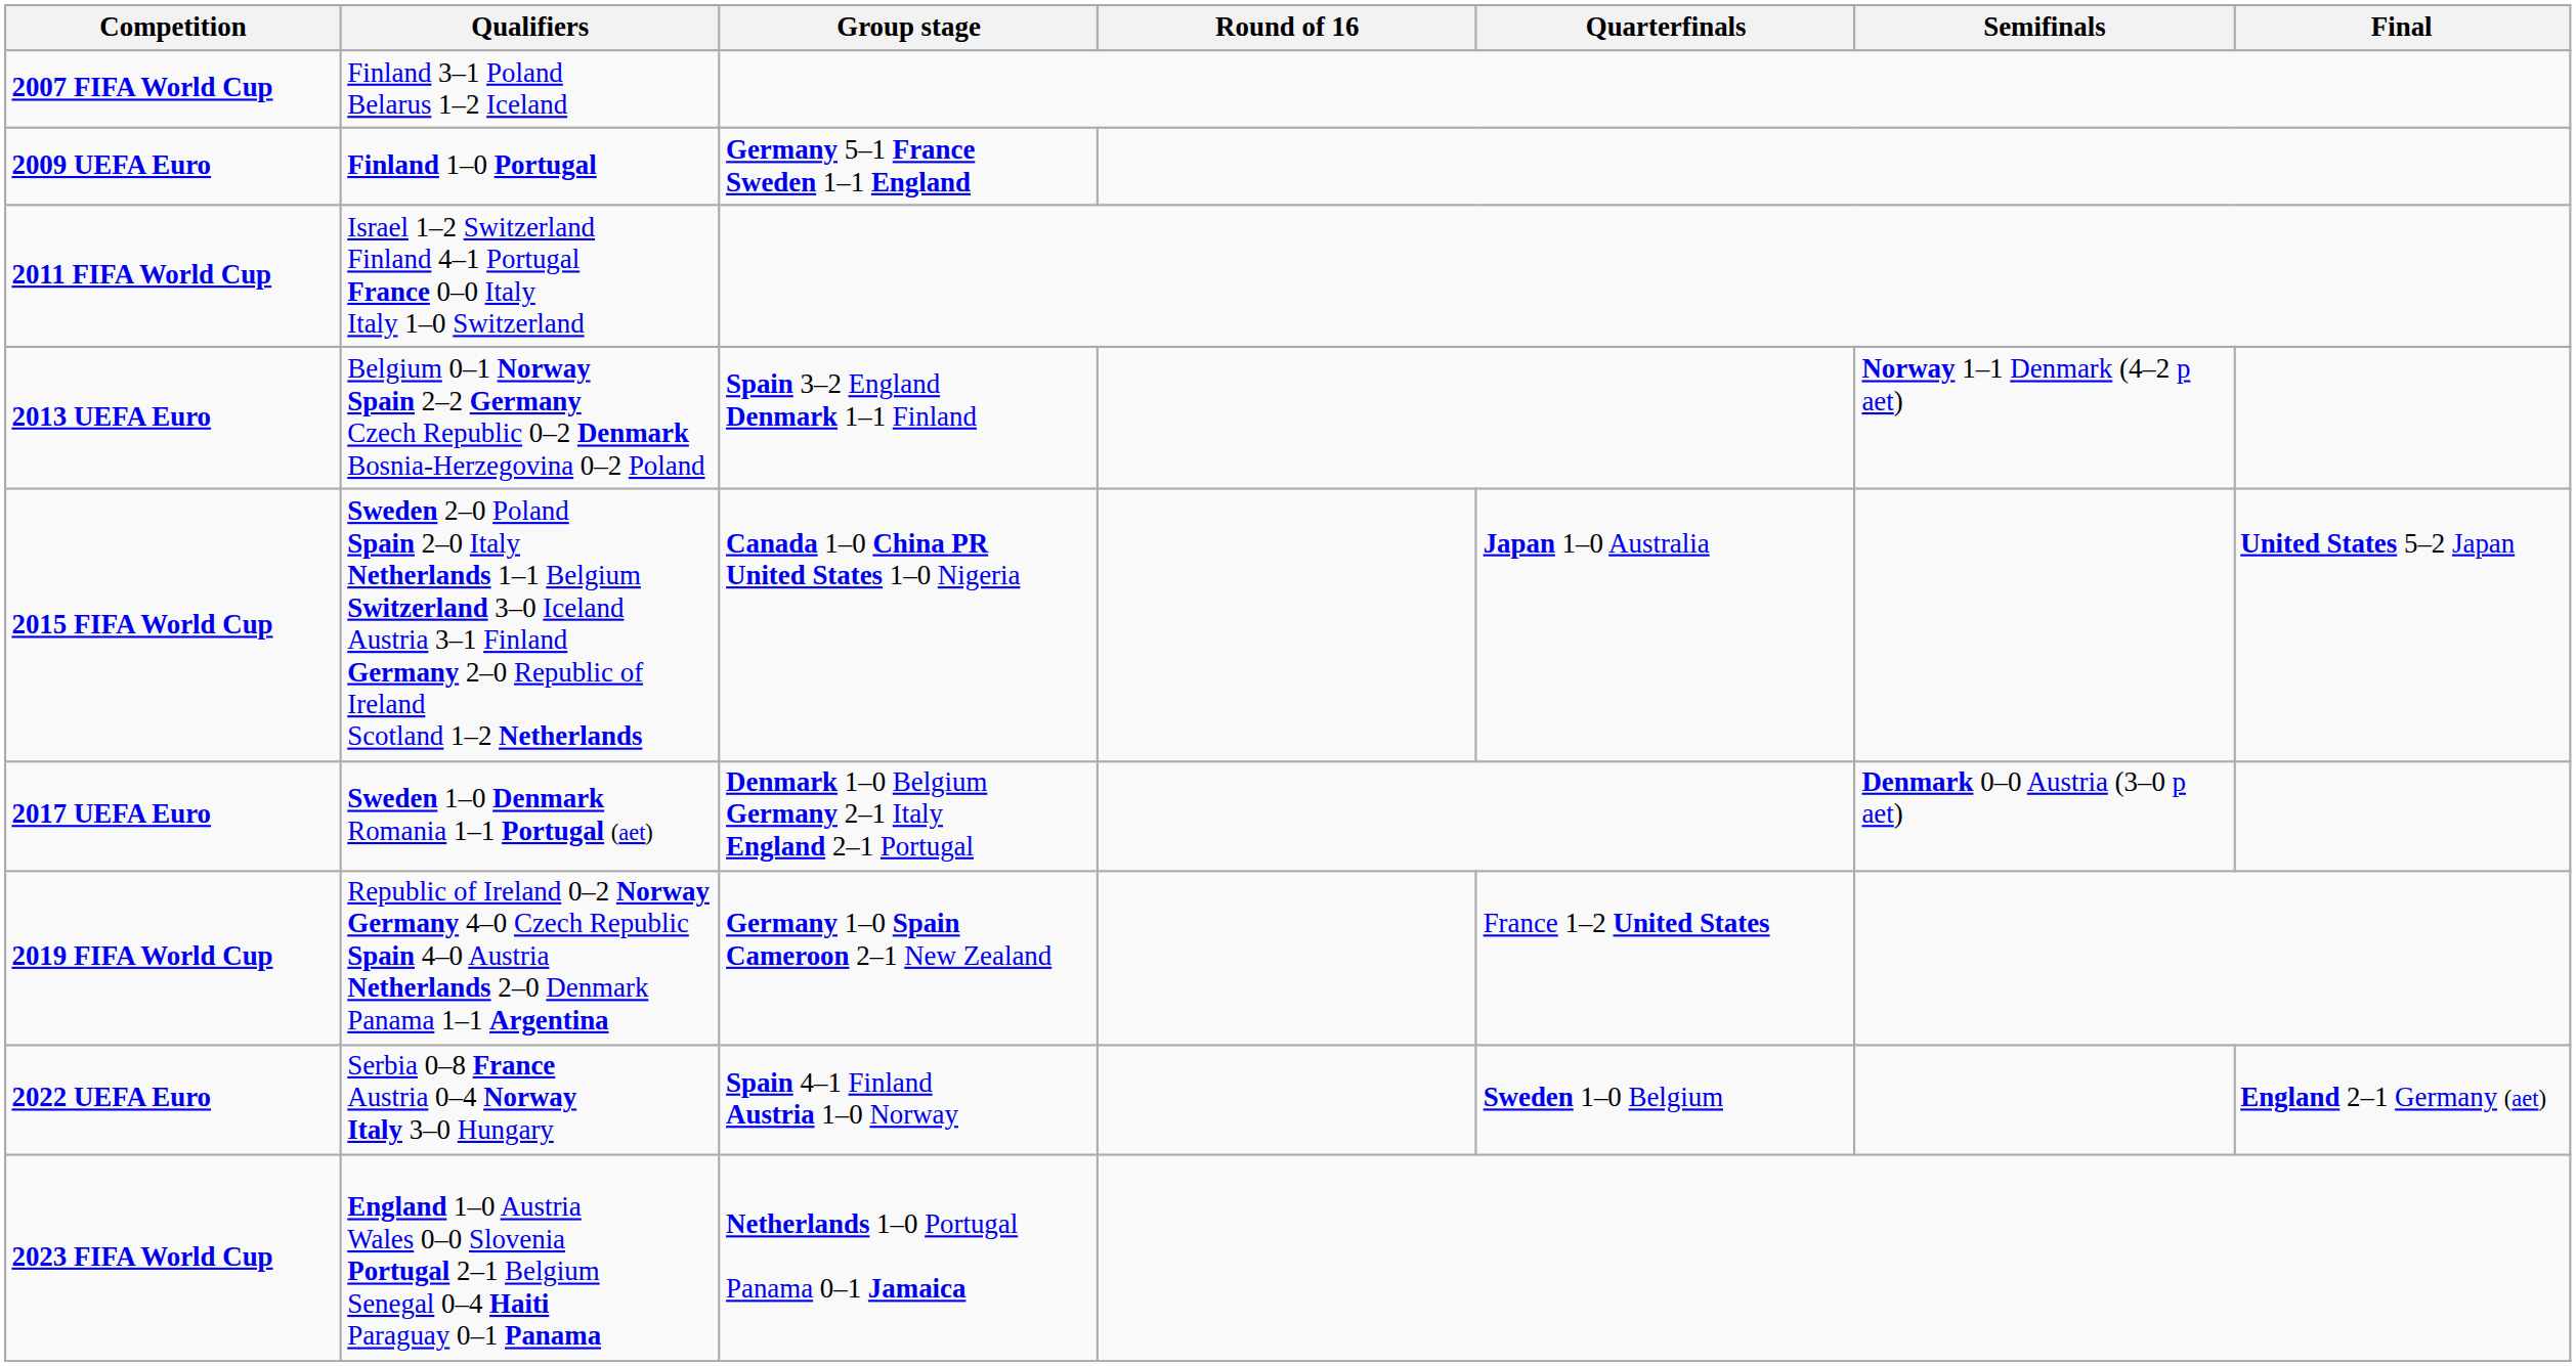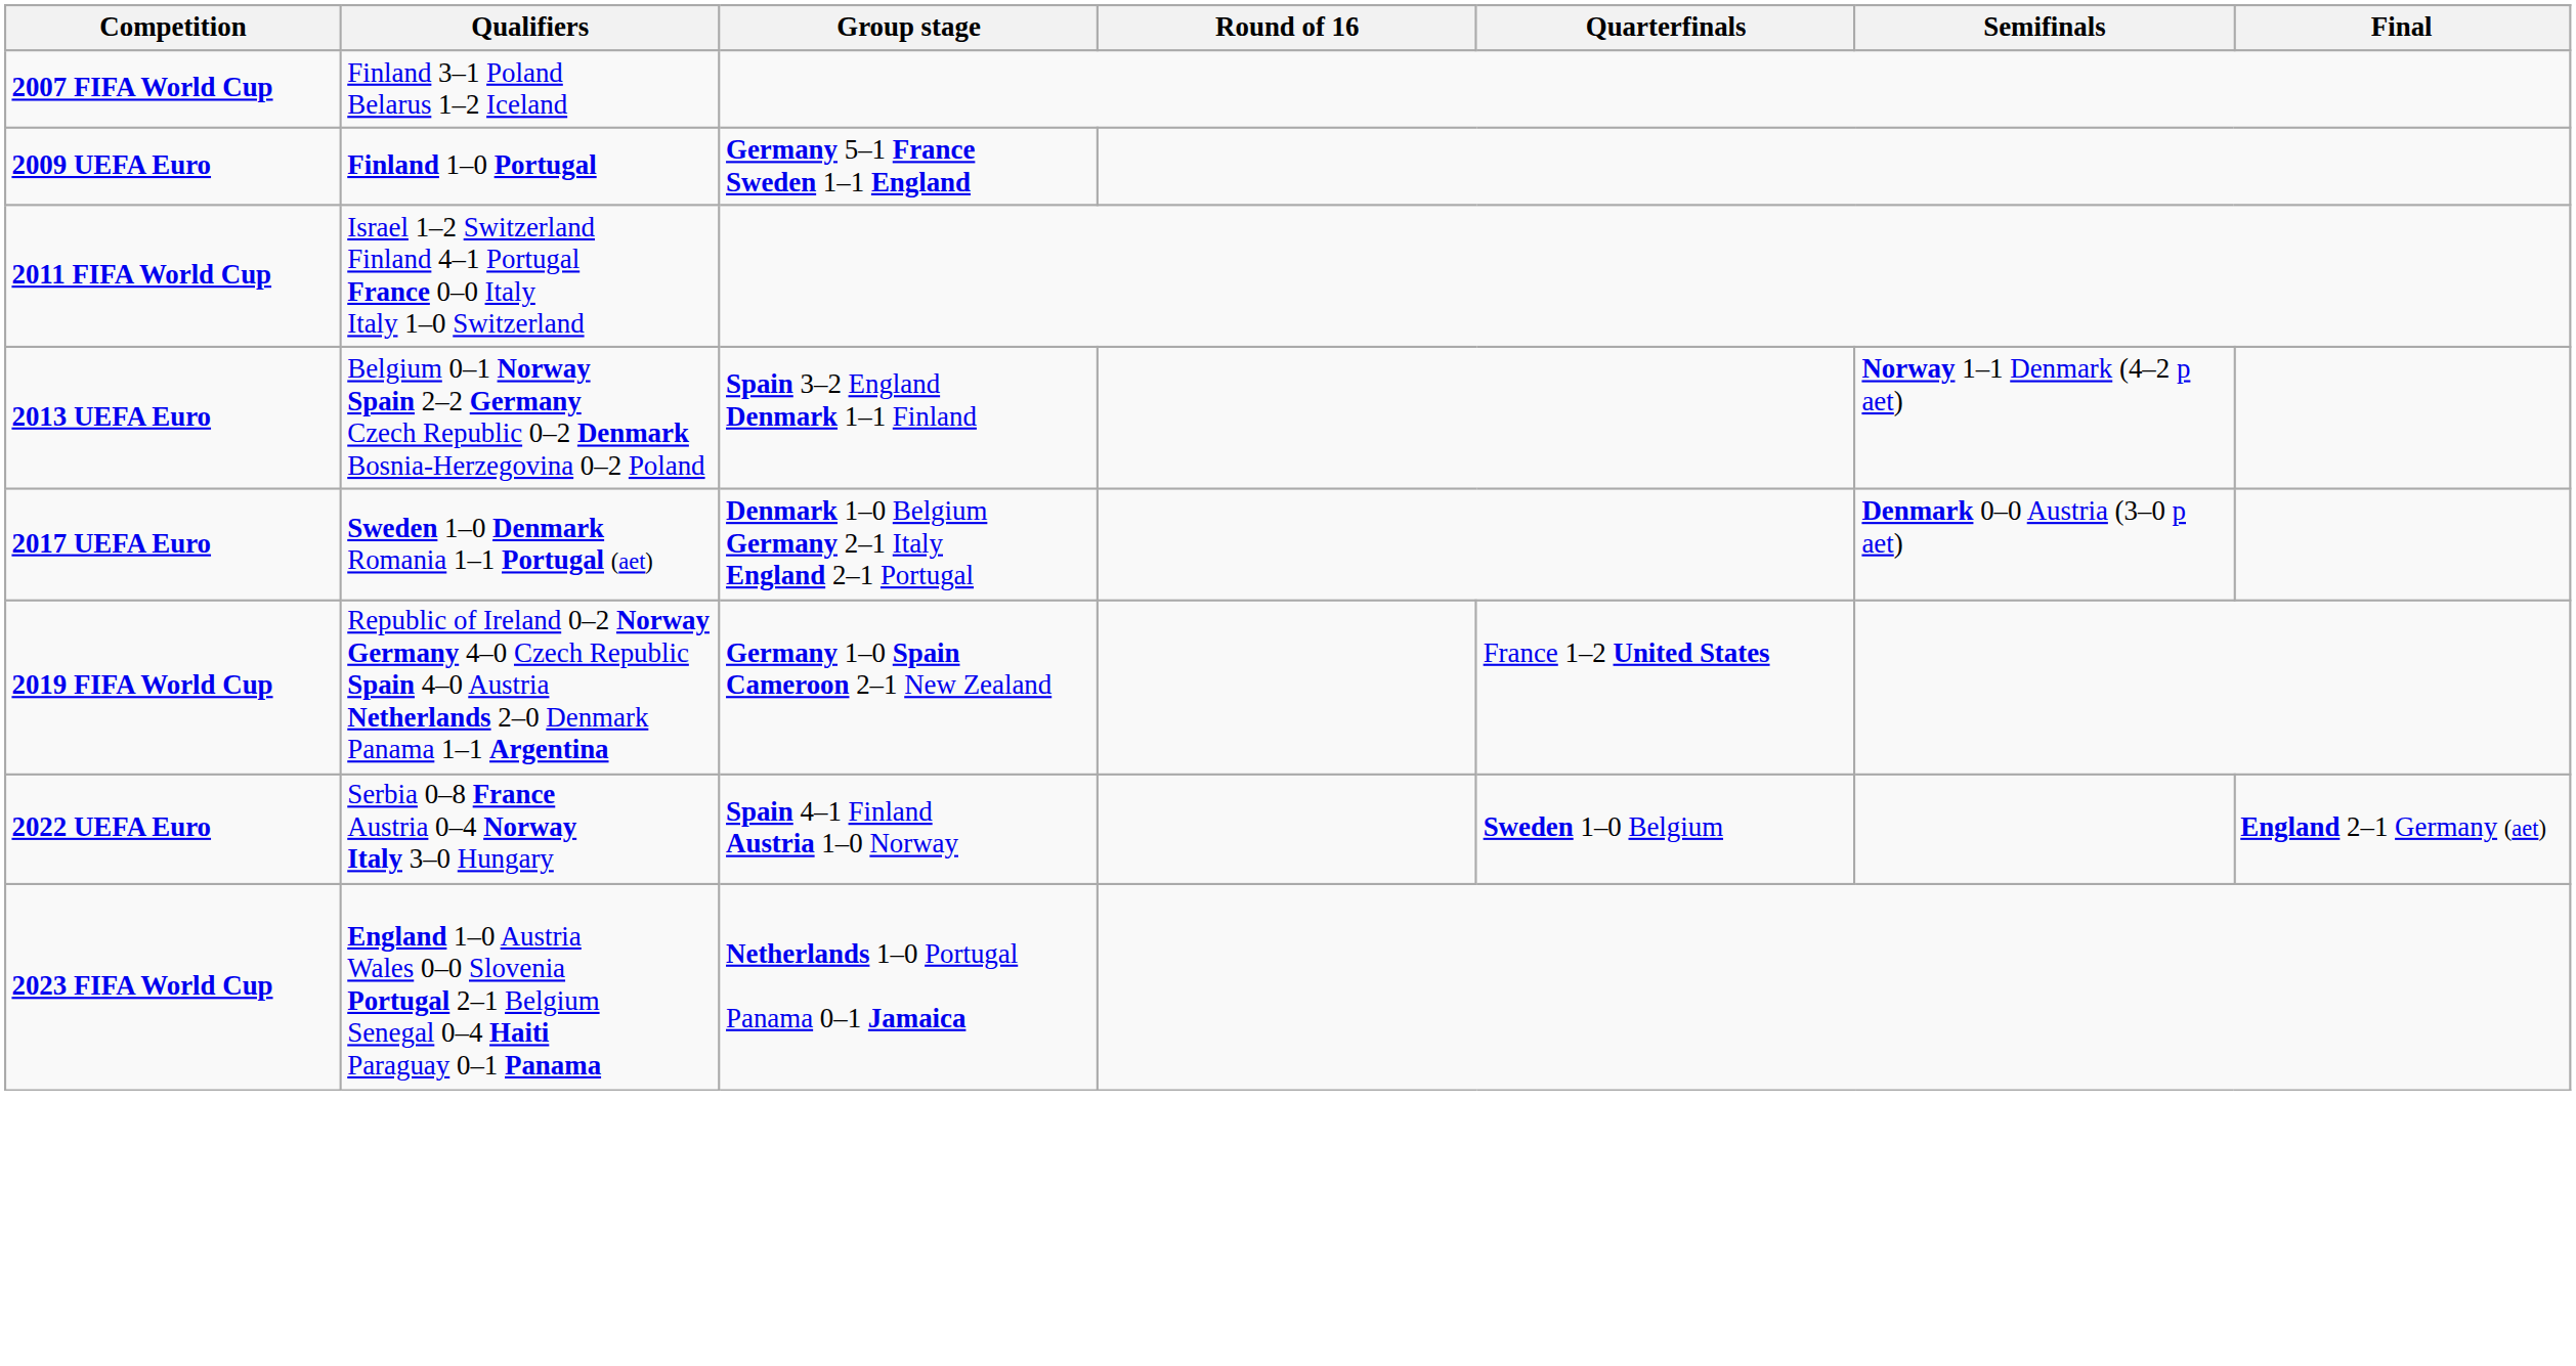 <table class="wikitable" style="font-size:80%;">
 <tr align=center>
 <th width=150px>Competition</th>
 <th width=170px>Qualifiers</th>
 <th width=170px>Group stage</th>
 <th width=170px>Round of 16</th>
 <th width=170px>Quarterfinals</th>
 <th width=170px>Semifinals</th>
 <th width=150px>Final</th>
 </tr>
 <tr>
 <td> <strong><a href='#'>2007 FIFA World Cup</a></strong></td>
 <td><a href='#'>Finland</a> 3–1 <a href='#'>Poland</a> <br> <a href='#'>Belarus</a> 1–2 <a href='#'>Iceland</a></td>
 <td colspan=5></td>
 </tr>
 <tr>
 <td> <strong><a href='#'>2009 UEFA Euro</a></strong></td>
 <td><strong><a href='#'>Finland</a></strong> 1–0 <strong><a href='#'>Portugal</a></strong> <br> </td>
 <td><strong><a href='#'>Germany</a></strong> 5–1 <strong><a href='#'>France</a></strong> <br> <strong><a href='#'>Sweden</a></strong> 1–1 <strong><a href='#'>England</a></strong> <br> </td>
 <td colspan=4></td>
 </tr>
 <tr>
 <td> <strong><a href='#'>2011 FIFA World Cup</a></strong></td>
 <td><a href='#'>Israel</a> 1–2 <a href='#'>Switzerland</a> <br> <a href='#'>Finland</a> 4–1 <a href='#'>Portugal</a> <br> <strong><a href='#'>France</a></strong> 0–0 <a href='#'>Italy</a> <br> <a href='#'>Italy</a> 1–0 <a href='#'>Switzerland</a></td>
 <td colspan=5></td>
 </tr>
 <tr>
 <td> <strong><a href='#'>2013 UEFA Euro</a></strong></td>
 <td><a href='#'>Belgium</a> 0–1 <strong><a href='#'>Norway</a></strong> <br> <strong><a href='#'>Spain</a></strong> 2–2 <strong><a href='#'>Germany</a></strong> <br> <a href='#'>Czech Republic</a> 0–2 <strong><a href='#'>Denmark</a></strong> <br> <a href='#'>Bosnia-Herzegovina</a> 0–2 <a href='#'>Poland</a></td>
 <td><strong><a href='#'>Spain</a></strong> 3–2 <a href='#'>England</a> <br> <strong><a href='#'>Denmark</a></strong> 1–1 <a href='#'>Finland</a> <br>  <br> </td>
 <td colspan=2></td>
 <td><strong><a href='#'>Norway</a></strong> 1–1 <a href='#'>Denmark</a> (4–2 <a href='#'>p</a> <a href='#'>aet</a>) <br>  <br>  <br> </td>
 <td></td>
 </tr>
 <tr>
-<td> <strong><a href='#'>2015 FIFA World Cup</a></strong></td>
-<td><strong><a href='#'>Sweden</a></strong> 2–0 <a href='#'>Poland</a> <br> <strong><a href='#'>Spain</a></strong> 2–0 <a href='#'>Italy</a> <br> <strong><a href='#'>Netherlands</a></strong> 1–1 <a href='#'>Belgium</a> <br> <strong><a href='#'>Switzerland</a></strong> 3–0 <a href='#'>Iceland</a> <br> <a href='#'>Austria</a> 3–1 <a href='#'>Finland</a> <br> <strong><a href='#'>Germany</a></strong> 2–0 <a href='#'>Republic of Ireland</a> <br> <a href='#'>Scotland</a> 1–2 <strong><a href='#'>Netherlands</a></strong></td>
-<td><strong><a href='#'>Canada</a></strong> 1–0 <strong><a href='#'>China PR</a></strong> <br> <strong><a href='#'>United States</a></strong> 1–0 <a href='#'>Nigeria</a> <br>  <br>  <br>  <br>  <br> </td>
-<td></td>
-<td><strong><a href='#'>Japan</a></strong> 1–0 <a href='#'>Australia</a> <br>  <br>  <br>  <br>  <br>  <br> </td>
-<td></td>
-<td><strong><a href='#'>United States</a></strong> 5–2 <a href='#'>Japan</a> <br>  <br>  <br>  <br>  <br>  <br> </td>
-</tr>
-<tr>
 <td> <strong><a href='#'>2017 UEFA Euro</a></strong></td>
 <td><strong><a href='#'>Sweden</a></strong> 1–0 <strong><a href='#'>Denmark</a></strong> <br> <a href='#'>Romania</a> 1–1 <strong><a href='#'>Portugal</a></strong> <small>(<a href='#'>aet</a>)</small> <br> </td>
 <td><strong><a href='#'>Denmark</a></strong> 1–0 <a href='#'>Belgium</a> <br> <strong><a href='#'>Germany</a></strong> 2–1 <a href='#'>Italy</a> <br> <strong><a href='#'>England</a></strong> 2–1 <a href='#'>Portugal</a></td>
 <td colspan=2></td>
 <td><strong><a href='#'>Denmark</a></strong> 0–0 <a href='#'>Austria</a> (3–0 <a href='#'>p</a> <a href='#'>aet</a>) <br>  <br> </td>
 <td></td>
 </tr>
 <tr>
 <td> <strong><a href='#'>2019 FIFA World Cup</a></strong></td>
 <td><a href='#'>Republic of Ireland</a> 0–2 <strong><a href='#'>Norway</a></strong> <br> <strong><a href='#'>Germany</a></strong> 4–0 <a href='#'>Czech Republic</a> <br> <strong><a href='#'>Spain</a></strong> 4–0 <a href='#'>Austria</a> <br> <strong><a href='#'>Netherlands</a></strong> 2–0 <a href='#'>Denmark</a> <br> <a href='#'>Panama</a> 1–1 <strong><a href='#'>Argentina</a></strong></td>
 <td><strong><a href='#'>Germany</a></strong> 1–0 <strong><a href='#'>Spain</a></strong> <br> <strong><a href='#'>Cameroon</a></strong> 2–1 <a href='#'>New Zealand</a> <br>  <br> </td>
 <td></td>
 <td><a href='#'>France</a> 1–2 <strong><a href='#'>United States</a></strong> <br>  <br>  <br> </td>
 <td colspan=2></td>
 </tr>
 <tr>
 <td> <strong><a href='#'>2022 UEFA Euro</a></strong></td>
 <td><a href='#'>Serbia</a> 0–8 <strong><a href='#'>France</a></strong> <br> <a href='#'>Austria</a> 0–4 <strong><a href='#'>Norway</a></strong> <br> <strong><a href='#'>Italy</a></strong> 3–0 <a href='#'>Hungary</a></td>
 <td><strong><a href='#'>Spain</a></strong> 4–1 <a href='#'>Finland</a> <br> <strong><a href='#'>Austria</a></strong> 1–0 <a href='#'>Norway</a></td>
 <td></td>
 <td><strong><a href='#'>Sweden</a></strong> 1–0 <a href='#'>Belgium</a> <br> </td>
 <td></td>
 <td><strong><a href='#'>England</a></strong> 2–1 <a href='#'>Germany</a> <small>(<a href='#'>aet</a>)</small> <br> </td>
 </tr>
 <tr>
 <td> <strong><a href='#'>2023 FIFA World Cup</a></strong></td>
 <td><br><strong><a href='#'>England</a></strong> 1–0 <a href='#'>Austria</a> <br> <a href='#'>Wales</a> 0–0 <a href='#'>Slovenia</a> <br> <strong><a href='#'>Portugal</a></strong> 2–1 <a href='#'>Belgium</a> <br> <a href='#'>Senegal</a> 0–4 <strong><a href='#'>Haiti</a></strong> <br> <a href='#'>Paraguay</a> 0–1 <strong><a href='#'>Panama</a></strong></td>
 <td><strong><a href='#'>Netherlands</a></strong> 1–0 <a href='#'>Portugal</a> <br><br><a href='#'>Panama</a> 0–1 <strong><a href='#'>Jamaica</a></strong></td>
 <td colspan="4"></td>
 </tr>
 </table>
